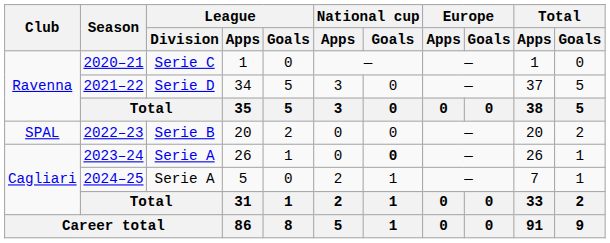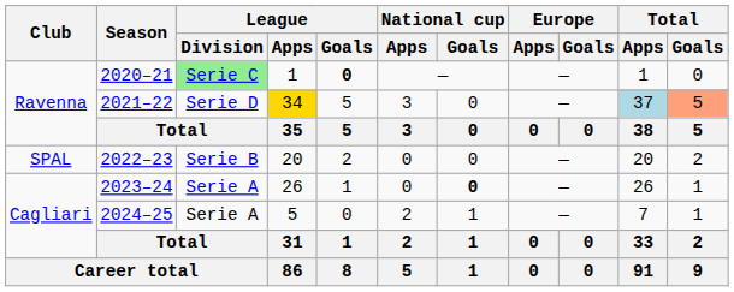 <table class="wikitable" style="text-align:center">
 <tr>
 <th rowspan="2">Club</th>
 <th rowspan="2">Season</th>
 <th colspan="3">League</th>
 <th colspan="2">National cup</th>
 <th colspan="2">Europe</th>
 <th colspan="2">Total</th>
 </tr>
 <tr>
 <th>Division</th>
 <th>Apps</th>
 <th>Goals</th>
 <th>Apps</th>
 <th>Goals</th>
 <th>Apps</th>
 <th>Goals</th>
 <th>Apps</th>
 <th>Goals</th>
 </tr>
 <tr>
 <td rowspan="3"><a href='#'>Ravenna</a></td>
 <td><a href='#'>2020–21</a></td>
-<td><a href='#'>Serie C</a></td>
+<td style="background: lightgreen;"><a href='#'>Serie C</a></td>
 <td>1</td>
-<td>0</td>
+<td><strong>0</strong></td>
 <td colspan="2">—</td>
 <td colspan="2">—</td>
 <td>1</td>
 <td>0</td>
 </tr>
 <tr>
 <td><a href='#'>2021–22</a></td>
 <td><a href='#'>Serie D</a></td>
-<td>34</td>
+<td style="background: gold;">34</td>
 <td>5</td>
 <td>3</td>
 <td>0</td>
 <td colspan="2">—</td>
-<td>37</td>
-<td>5</td>
+<td style="background: lightblue;">37</td>
+<td style="background: lightsalmon;">5</td>
 </tr>
 <tr>
 <th colspan="2">Total</th>
 <th>35</th>
 <th>5</th>
 <th>3</th>
 <th>0</th>
 <th>0</th>
 <th>0</th>
 <th>38</th>
 <th>5</th>
 </tr>
 <tr>
 <td><a href='#'>SPAL</a></td>
 <td><a href='#'>2022–23</a></td>
 <td><a href='#'>Serie B</a></td>
 <td>20</td>
 <td>2</td>
 <td>0</td>
 <td>0</td>
 <td colspan="2">—</td>
 <td>20</td>
 <td>2</td>
 </tr>
 <tr>
 <td rowspan="3"><a href='#'>Cagliari</a></td>
 <td><a href='#'>2023–24</a></td>
 <td><a href='#'>Serie A</a></td>
 <td>26</td>
 <td>1</td>
 <td>0</td>
 <td><strong>0</strong></td>
 <td colspan="2">—</td>
 <td>26</td>
 <td>1</td>
 </tr>
 <tr>
 <td><a href='#'>2024–25</a></td>
 <td>Serie A</td>
 <td>5</td>
 <td>0</td>
 <td>2</td>
 <td>1</td>
 <td colspan="2">—</td>
 <td>7</td>
 <td>1</td>
 </tr>
 <tr>
 <th colspan="2">Total</th>
 <th>31</th>
 <th>1</th>
 <th>2</th>
 <th>1</th>
 <th>0</th>
 <th>0</th>
 <th>33</th>
 <th>2</th>
 </tr>
 <tr>
 <th colspan="3">Career total</th>
 <th>86</th>
 <th>8</th>
 <th>5</th>
 <th>1</th>
 <th>0</th>
 <th>0</th>
 <th>91</th>
 <th>9</th>
 </tr>
 </table>
